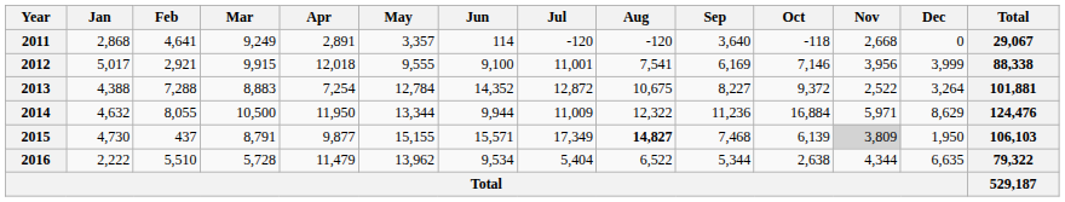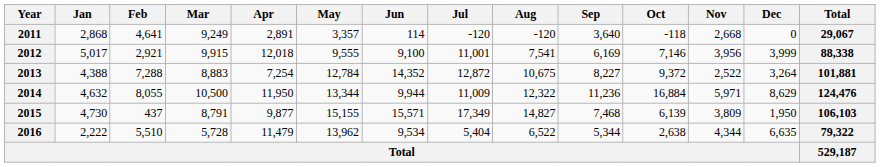 <table class=wikitable style="text-align:right; font-size:0.9em; width:1050px;">
 <tr>
 <th>Year</th>
 <th>Jan</th>
 <th>Feb</th>
 <th>Mar</th>
 <th>Apr</th>
 <th>May</th>
 <th>Jun</th>
 <th>Jul</th>
 <th>Aug</th>
 <th>Sep</th>
 <th>Oct</th>
 <th>Nov</th>
 <th>Dec</th>
 <th>Total</th>
 </tr>
 <tr>
 <th>2011</th>
 <td>2,868</td>
 <td>4,641</td>
 <td>9,249</td>
 <td>2,891</td>
 <td>3,357</td>
 <td>114</td>
 <td>-120</td>
 <td>-120</td>
 <td>3,640</td>
 <td>-118</td>
 <td>2,668</td>
 <td>0</td>
 <th>29,067</th>
 </tr>
 <tr>
 <th>2012</th>
 <td>5,017</td>
 <td>2,921</td>
 <td>9,915</td>
 <td>12,018</td>
 <td>9,555</td>
 <td>9,100</td>
 <td>11,001</td>
 <td>7,541</td>
 <td>6,169</td>
 <td>7,146</td>
 <td>3,956</td>
 <td>3,999</td>
 <th>88,338</th>
 </tr>
 <tr>
 <th>2013</th>
 <td>4,388</td>
 <td>7,288</td>
 <td>8,883</td>
 <td>7,254</td>
 <td>12,784</td>
 <td>14,352</td>
 <td>12,872</td>
 <td>10,675</td>
 <td>8,227</td>
 <td>9,372</td>
 <td>2,522</td>
 <td>3,264</td>
 <th>101,881</th>
 </tr>
 <tr>
 <th>2014</th>
 <td>4,632</td>
 <td>8,055</td>
 <td>10,500</td>
 <td>11,950</td>
 <td>13,344</td>
 <td>9,944</td>
 <td>11,009</td>
 <td>12,322</td>
 <td>11,236</td>
 <td>16,884</td>
 <td>5,971</td>
 <td>8,629</td>
 <th>124,476</th>
 </tr>
 <tr>
 <th>2015</th>
 <td>4,730</td>
 <td>437</td>
 <td>8,791</td>
 <td>9,877</td>
 <td>15,155</td>
 <td>15,571</td>
 <td>17,349</td>
-<td><strong>14,827</strong></td>
+<td>14,827</td>
 <td>7,468</td>
 <td>6,139</td>
-<td style="background: lightgrey;">3,809</td>
+<td>3,809</td>
 <td>1,950</td>
 <th>106,103</th>
 </tr>
 <tr>
 <th>2016</th>
 <td>2,222</td>
 <td>5,510</td>
 <td>5,728</td>
 <td>11,479</td>
 <td>13,962</td>
 <td>9,534</td>
 <td>5,404</td>
 <td>6,522</td>
 <td>5,344</td>
 <td>2,638</td>
 <td>4,344</td>
 <td>6,635</td>
 <th>79,322</th>
 </tr>
 <tr>
 <th colspan=13>Total</th>
 <th>529,187</th>
 </tr>
 </table>
